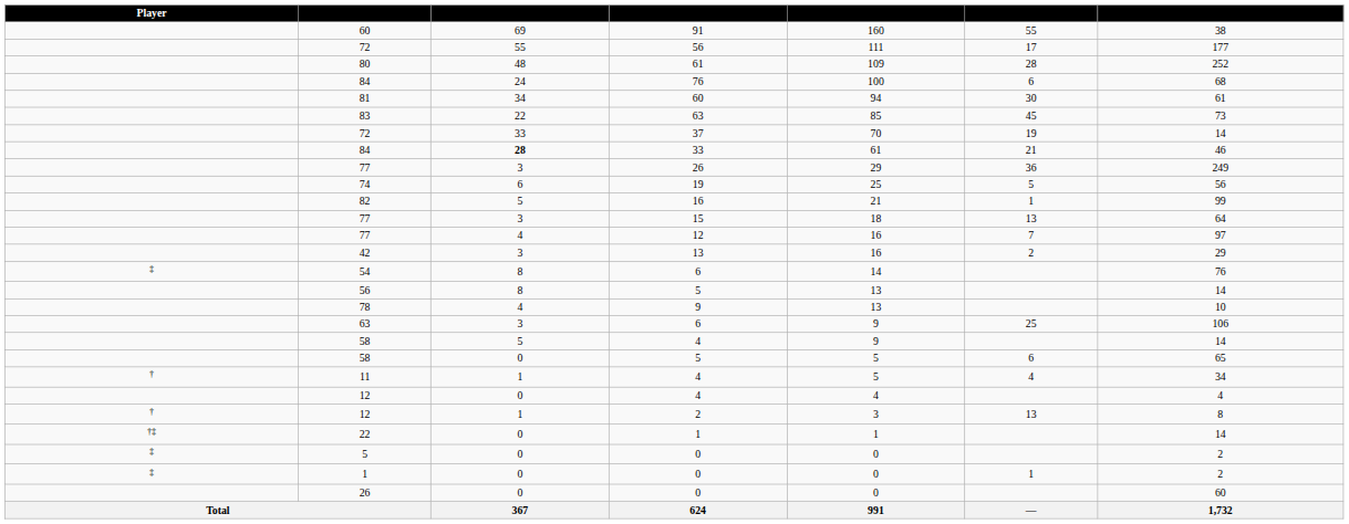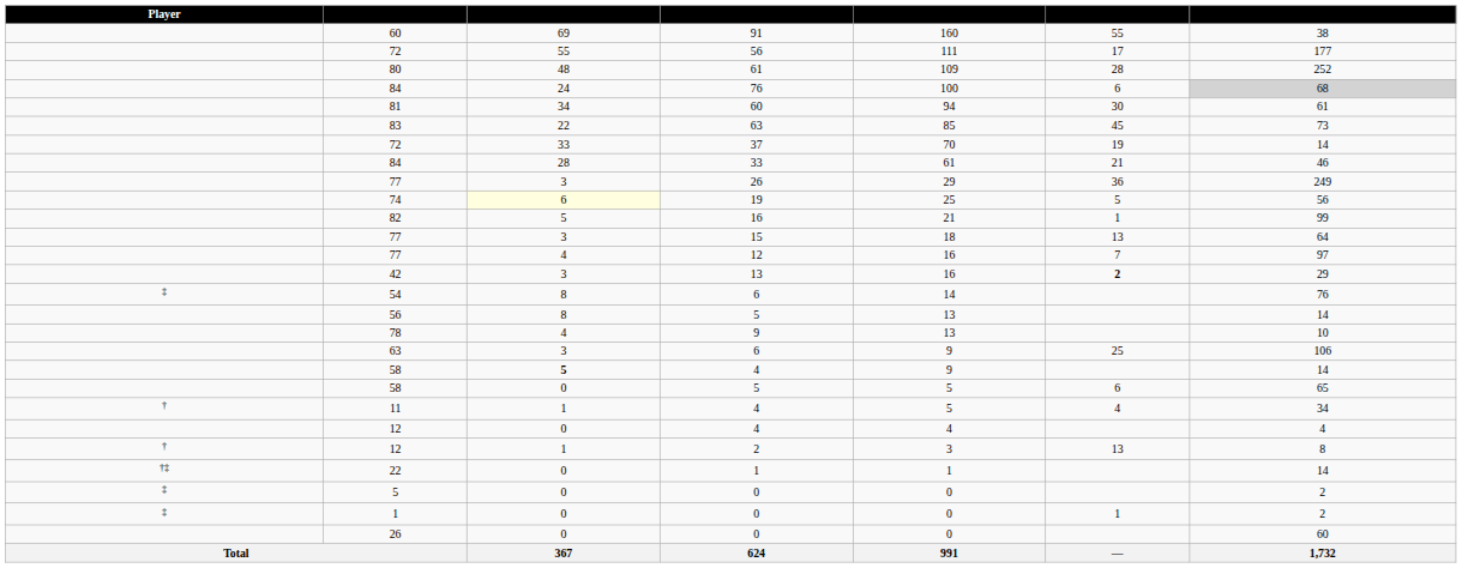 <table class="wikitable sortable" style="width:100%; text-align:center;">
 <tr align=center>
 <th style="color:white; background:#000000; ">Player</th>
 <th style="color:white; background:#000000; "></th>
 <th style="color:white; background:#000000; "></th>
 <th style="color:white; background:#000000; "></th>
 <th style="color:white; background:#000000; "></th>
 <th style="color:white; background:#000000; "></th>
 <th style="color:white; background:#000000; "></th>
 </tr>
 <tr>
 <td></td>
 <td>60</td>
 <td>69</td>
 <td>91</td>
 <td>160</td>
 <td>55</td>
 <td>38</td>
 </tr>
 <tr>
 <td></td>
 <td>72</td>
 <td>55</td>
 <td>56</td>
 <td>111</td>
 <td>17</td>
 <td>177</td>
 </tr>
 <tr>
 <td></td>
 <td>80</td>
 <td>48</td>
 <td>61</td>
 <td>109</td>
 <td>28</td>
 <td>252</td>
 </tr>
 <tr>
 <td></td>
 <td>84</td>
 <td>24</td>
 <td>76</td>
 <td>100</td>
 <td>6</td>
-<td>68</td>
+<td style="background: lightgrey;">68</td>
 </tr>
 <tr>
 <td></td>
 <td>81</td>
 <td>34</td>
 <td>60</td>
 <td>94</td>
 <td>30</td>
 <td>61</td>
 </tr>
 <tr>
 <td></td>
 <td>83</td>
 <td>22</td>
 <td>63</td>
 <td>85</td>
 <td>45</td>
 <td>73</td>
 </tr>
 <tr>
 <td></td>
 <td>72</td>
 <td>33</td>
 <td>37</td>
 <td>70</td>
 <td>19</td>
 <td>14</td>
 </tr>
 <tr>
 <td></td>
 <td>84</td>
-<td><strong>28</strong></td>
+<td>28</td>
 <td>33</td>
 <td>61</td>
 <td>21</td>
 <td>46</td>
 </tr>
 <tr>
 <td></td>
 <td>77</td>
 <td>3</td>
 <td>26</td>
 <td>29</td>
 <td>36</td>
 <td>249</td>
 </tr>
 <tr>
 <td></td>
 <td>74</td>
-<td>6</td>
+<td style="background: lightyellow;">6</td>
 <td>19</td>
 <td>25</td>
 <td>5</td>
 <td>56</td>
 </tr>
 <tr>
 <td></td>
 <td>82</td>
 <td>5</td>
 <td>16</td>
 <td>21</td>
 <td>1</td>
 <td>99</td>
 </tr>
 <tr>
 <td></td>
 <td>77</td>
 <td>3</td>
 <td>15</td>
 <td>18</td>
 <td>13</td>
 <td>64</td>
 </tr>
 <tr>
 <td></td>
 <td>77</td>
 <td>4</td>
 <td>12</td>
 <td>16</td>
 <td>7</td>
 <td>97</td>
 </tr>
 <tr>
 <td></td>
 <td>42</td>
 <td>3</td>
 <td>13</td>
 <td>16</td>
-<td>2</td>
+<td><strong>2</strong></td>
 <td>29</td>
 </tr>
 <tr>
 <td><sup>‡</sup></td>
 <td>54</td>
 <td>8</td>
 <td>6</td>
 <td>14</td>
 <td></td>
 <td>76</td>
 </tr>
 <tr>
 <td></td>
 <td>56</td>
 <td>8</td>
 <td>5</td>
 <td>13</td>
 <td></td>
 <td>14</td>
 </tr>
 <tr>
 <td></td>
 <td>78</td>
 <td>4</td>
 <td>9</td>
 <td>13</td>
 <td></td>
 <td>10</td>
 </tr>
 <tr>
 <td></td>
 <td>63</td>
 <td>3</td>
 <td>6</td>
 <td>9</td>
 <td>25</td>
 <td>106</td>
 </tr>
 <tr>
 <td></td>
 <td>58</td>
-<td>5</td>
+<td><strong>5</strong></td>
 <td>4</td>
 <td>9</td>
 <td></td>
 <td>14</td>
 </tr>
 <tr>
 <td></td>
 <td>58</td>
 <td>0</td>
 <td>5</td>
 <td>5</td>
 <td>6</td>
 <td>65</td>
 </tr>
 <tr>
 <td><sup>†</sup></td>
 <td>11</td>
 <td>1</td>
 <td>4</td>
 <td>5</td>
 <td>4</td>
 <td>34</td>
 </tr>
 <tr>
 <td></td>
 <td>12</td>
 <td>0</td>
 <td>4</td>
 <td>4</td>
 <td></td>
 <td>4</td>
 </tr>
 <tr>
 <td><sup>†</sup></td>
 <td>12</td>
 <td>1</td>
 <td>2</td>
 <td>3</td>
 <td>13</td>
 <td>8</td>
 </tr>
 <tr>
 <td><sup>†‡</sup></td>
 <td>22</td>
 <td>0</td>
 <td>1</td>
 <td>1</td>
 <td></td>
 <td>14</td>
 </tr>
 <tr>
 <td><sup>‡</sup></td>
 <td>5</td>
 <td>0</td>
 <td>0</td>
 <td>0</td>
 <td></td>
 <td>2</td>
 </tr>
 <tr>
 <td><sup>‡</sup></td>
 <td>1</td>
 <td>0</td>
 <td>0</td>
 <td>0</td>
 <td>1</td>
 <td>2</td>
 </tr>
 <tr>
 <td></td>
 <td>26</td>
 <td>0</td>
 <td>0</td>
 <td>0</td>
 <td></td>
 <td>60</td>
 </tr>
 <tr class="sortbotom">
 <th colspan=2>Total</th>
 <th>367</th>
 <th>624</th>
 <th>991</th>
 <th>—</th>
 <th>1,732</th>
 </tr>
 </table>
